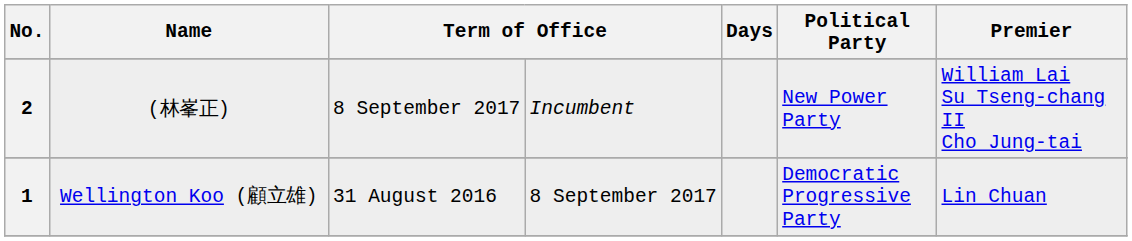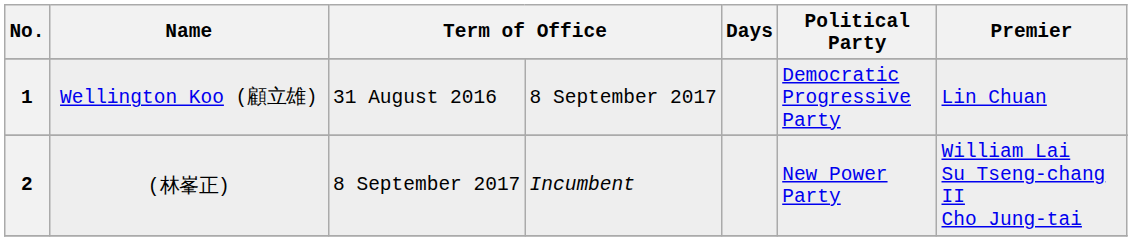 <table class="wikitable">
 <tr ->
 <th>No.</th>
 <th width="180">Name</th>
 <th colspan=2 width="180">Term of Office</th>
 <th>Days</th>
 <th width="100">Political Party</th>
 <th width="120">Premier</th>
+</tr>
+<tr ->
+</tr>
+<tr - bgcolor=#EEEEEE>
+<th style="background:">1</th>
+<td align=center><a href='#'>Wellington Koo</a> (顧立雄)</td>
+<td>31 August 2016</td>
+<td>8 September 2017</td>
+<td></td>
+<td><a href='#'>Democratic Progressive Party</a></td>
+<td><a href='#'>Lin Chuan</a></td>
 </tr>
 <tr ->
 </tr>
 <tr - bgcolor=#EEEEEE>
 <th style="background:">2</th>
 <td align=center> (林峯正)</td>
 <td>8 September 2017</td>
 <td><em>Incumbent</em></td>
 <td></td>
 <td><a href='#'>New Power Party</a></td>
 <td><a href='#'>William Lai</a><br><a href='#'>Su Tseng-chang II</a><br><a href='#'>Cho Jung-tai</a></td>
 </tr>
 <tr ->
 </tr>
-<tr - bgcolor=#EEEEEE>
-<th style="background:">1</th>
-<td align=center><a href='#'>Wellington Koo</a> (顧立雄)</td>
-<td>31 August 2016</td>
-<td>8 September 2017</td>
-<td></td>
-<td><a href='#'>Democratic Progressive Party</a></td>
-<td><a href='#'>Lin Chuan</a></td>
-</tr>
-<tr ->
-</tr>
 </table>
